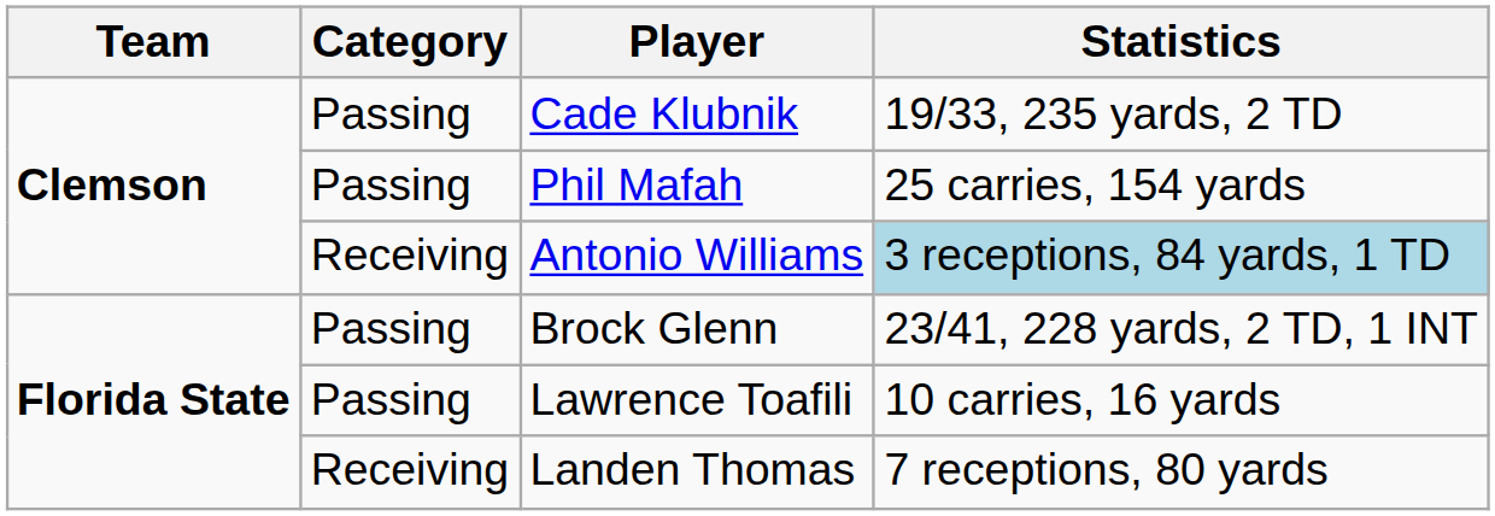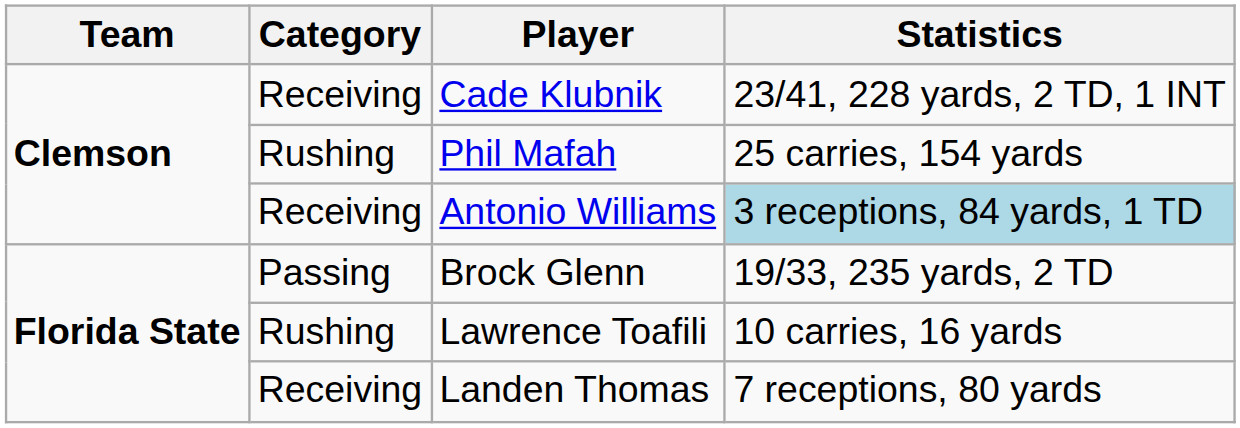 <table class="wikitable" style="float: right;">
 <tr>
 <th>Team</th>
 <th>Category</th>
 <th>Player</th>
 <th>Statistics</th>
 </tr>
 <tr>
 <td rowspan=3><strong>Clemson</strong></td>
-<td>Passing</td>
+<td>Receiving</td>
 <td><a href='#'>Cade Klubnik</a></td>
-<td>19/33, 235 yards, 2 TD</td>
+<td>23/41, 228 yards, 2 TD, 1 INT</td>
 </tr>
 <tr>
-<td>Passing</td>
+<td>Rushing</td>
 <td><a href='#'>Phil Mafah</a></td>
 <td>25 carries, 154 yards</td>
 </tr>
 <tr>
 <td>Receiving</td>
 <td><a href='#'>Antonio Williams</a></td>
 <td style="background: lightblue;">3 receptions, 84 yards, 1 TD</td>
 </tr>
 <tr>
 <td rowspan=3><strong>Florida State</strong></td>
 <td>Passing</td>
 <td>Brock Glenn</td>
-<td>23/41, 228 yards, 2 TD, 1 INT</td>
+<td>19/33, 235 yards, 2 TD</td>
 </tr>
 <tr>
-<td>Passing</td>
+<td>Rushing</td>
 <td>Lawrence Toafili</td>
 <td>10 carries, 16 yards</td>
 </tr>
 <tr>
 <td>Receiving</td>
 <td>Landen Thomas</td>
 <td>7 receptions, 80 yards</td>
 </tr>
 </table>
